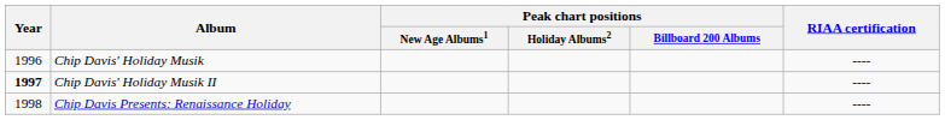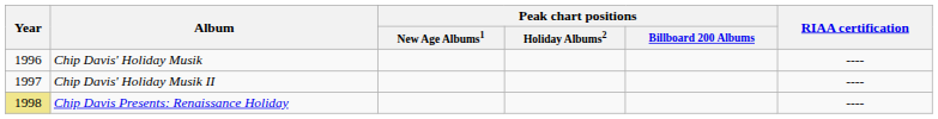 <table class="wikitable"  style="width:55%; text-align:center;">
 <tr>
 <th rowspan="2">Year</th>
 <th rowspan="2">Album</th>
 <th colspan="3">Peak chart positions</th>
 <th rowspan="2"><strong><a href='#'>RIAA certification</a></strong></th>
 </tr>
 <tr>
 <th><small>New Age Albums<sup>1</sup></small></th>
 <th><small>Holiday Albums<sup>2</sup></small></th>
 <th><small><a href='#'>Billboard 200 Albums</a></small></th>
 </tr>
 <tr style="text-align:center;">
 <td>1996</td>
 <td align="left"><em>Chip Davis' Holiday Musik</em></td>
 <td></td>
 <td></td>
 <td></td>
 <td>----</td>
 </tr>
 <tr style="text-align:center;">
-<td><strong>1997</strong></td>
+<td>1997</td>
 <td align="left"><em>Chip Davis' Holiday Musik II</em></td>
 <td></td>
 <td></td>
 <td></td>
 <td>----</td>
 </tr>
 <tr style="text-align:center;">
-<td>1998</td>
+<td style="background: khaki;">1998</td>
 <td align="left"><em><a href='#'>Chip Davis Presents: Renaissance Holiday</a></em></td>
 <td></td>
 <td></td>
 <td></td>
 <td>----</td>
 </tr>
 </table>
